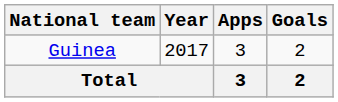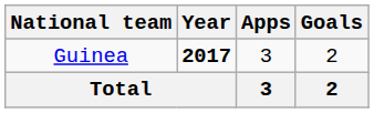 <table class=wikitable style=text-align:center>
 <tr>
 <th>National team</th>
 <th>Year</th>
 <th>Apps</th>
 <th>Goals</th>
 </tr>
 <tr>
 <td rowspan="1"><a href='#'>Guinea</a></td>
-<td>2017</td>
+<td><strong>2017</strong></td>
 <td>3</td>
 <td>2</td>
 </tr>
 <tr>
 <th colspan="2">Total</th>
 <th>3</th>
 <th>2</th>
 </tr>
 </table>
